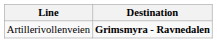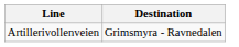 <table class="wikitable sortable">
 <tr>
 <th>Line</th>
 <th>Destination</th>
 </tr>
 <tr>
 <td>Artillerivollenveien</td>
-<td><strong>Grimsmyra - Ravnedalen</strong></td>
+<td>Grimsmyra - Ravnedalen</td>
 </tr>
 </table>
